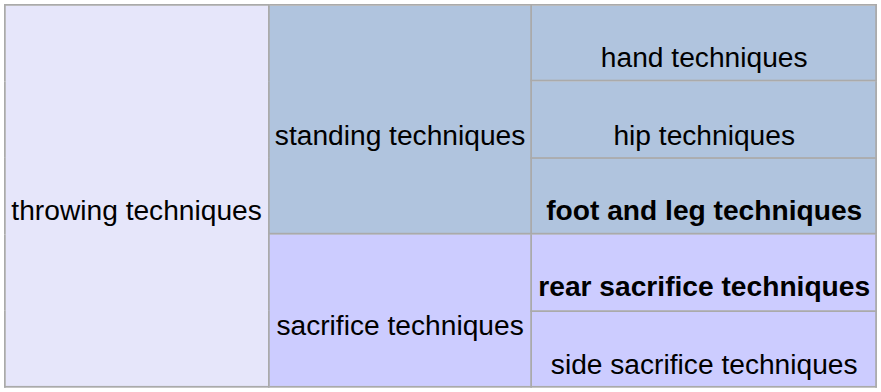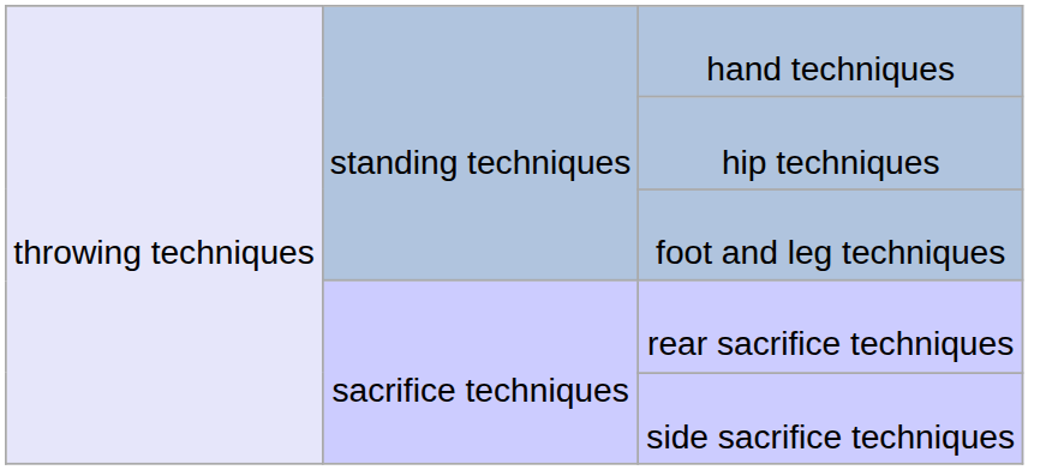 <table class="wikitable" style="text-align:center">
 <tr>
 <td rowspan="5" style="background:lavender"><br>throwing techniques</td>
 <td rowspan="3" style="background:#b0c4de"><br>standing techniques</td>
 <td style="background:#b0c4de"><br>hand techniques</td>
 </tr>
 <tr>
 <td style="background:#b0c4de"><br>hip techniques</td>
 </tr>
 <tr>
-<td style="background:#b0c4de"><strong><br>foot and leg techniques</strong></td>
+<td style="background:#b0c4de"><br>foot and leg techniques</td>
 </tr>
 <tr>
 <td rowspan="2" style="background:#ccf"><br>sacrifice techniques</td>
-<td style="background:#ccf"><strong><br>rear sacrifice techniques</strong></td>
+<td style="background:#ccf"><br>rear sacrifice techniques</td>
 </tr>
 <tr>
 <td style="background:#ccf"><br>side sacrifice techniques</td>
 </tr>
 </table>
